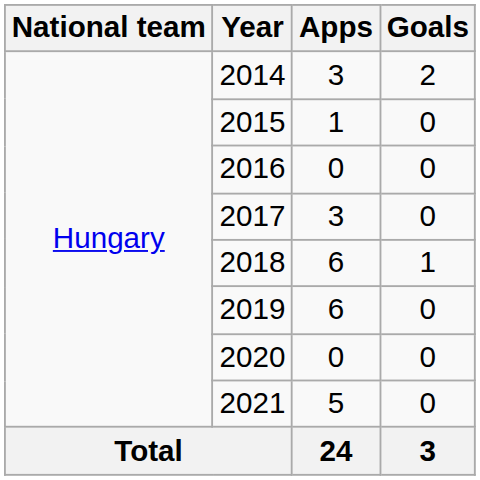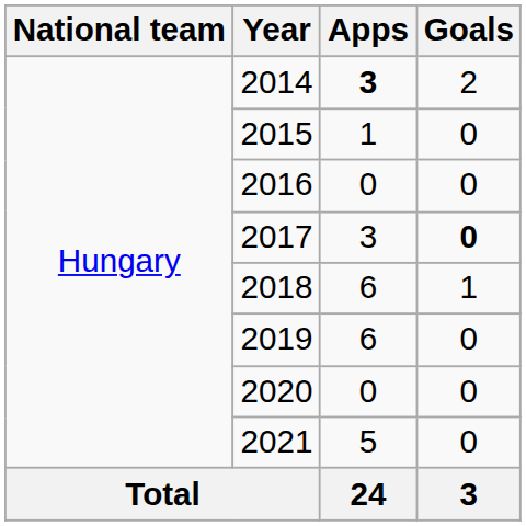 <table class="wikitable" style="text-align:center">
 <tr>
 <th>National team</th>
 <th>Year</th>
 <th>Apps</th>
 <th>Goals</th>
 </tr>
 <tr>
 <td rowspan="8"><a href='#'>Hungary</a></td>
 <td>2014</td>
-<td>3</td>
+<td><strong>3</strong></td>
 <td>2</td>
 </tr>
 <tr>
 <td>2015</td>
 <td>1</td>
 <td>0</td>
 </tr>
 <tr>
 <td>2016</td>
 <td>0</td>
 <td>0</td>
 </tr>
 <tr>
 <td>2017</td>
 <td>3</td>
-<td>0</td>
+<td><strong>0</strong></td>
 </tr>
 <tr>
 <td>2018</td>
 <td>6</td>
 <td>1</td>
 </tr>
 <tr>
 <td>2019</td>
 <td>6</td>
 <td>0</td>
 </tr>
 <tr>
 <td>2020</td>
 <td>0</td>
 <td>0</td>
 </tr>
 <tr>
 <td>2021</td>
 <td>5</td>
 <td>0</td>
 </tr>
 <tr>
 <th colspan="2">Total</th>
 <th>24</th>
 <th>3</th>
 </tr>
 </table>
